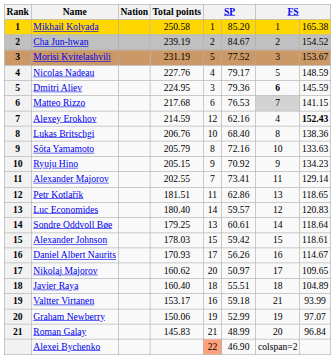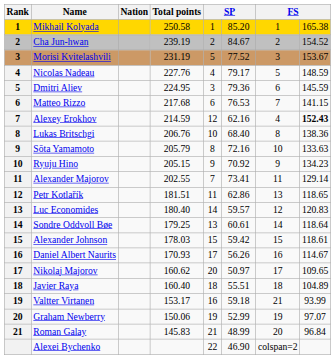 <table class="wikitable sortable">
 <tr>
 <th>Rank</th>
 <th>Name</th>
 <th>Nation</th>
 <th>Total points</th>
 <th colspan="2" width="80px"><a href='#'>SP</a></th>
 <th colspan="2" width="80px"><a href='#'>FS</a></th>
 </tr>
 <tr bgcolor="gold">
 <td align="center"><strong>1</strong></td>
 <td><a href='#'>Mikhail Kolyada</a></td>
 <td></td>
 <td align="center">250.58</td>
 <td align="center">1</td>
 <td align="center">85.20</td>
 <td align="center">1</td>
 <td align="center">165.38</td>
 </tr>
 <tr bgcolor="silver">
 <td align="center"><strong>2</strong></td>
 <td><a href='#'>Cha Jun-hwan</a></td>
 <td></td>
 <td align="center">239.19</td>
 <td align="center">2</td>
 <td align="center">84.67</td>
 <td align="center">2</td>
 <td align="center">154.52</td>
 </tr>
 <tr bgcolor="cc9966">
 <td align="center"><strong>3</strong></td>
 <td><a href='#'>Morisi Kvitelashvili</a></td>
 <td></td>
 <td align="center">231.19</td>
 <td align="center">5</td>
 <td align="center">77.52</td>
 <td align="center">3</td>
 <td align="center">153.67</td>
 </tr>
 <tr>
 <th>4</th>
 <td><a href='#'>Nicolas Nadeau</a></td>
 <td></td>
 <td align="center">227.76</td>
 <td align="center">4</td>
 <td align="center">79.17</td>
 <td align="center">5</td>
 <td align="center">148.59</td>
 </tr>
 <tr>
 <th>5</th>
 <td><a href='#'>Dmitri Aliev</a></td>
 <td></td>
 <td align="center">224.95</td>
 <td align="center">3</td>
 <td align="center">79.36</td>
-<td align="center"><strong>6</strong></td>
+<td align="center">6</td>
 <td align="center">145.59</td>
 </tr>
 <tr>
 <th>6</th>
 <td><a href='#'>Matteo Rizzo</a></td>
 <td></td>
 <td align="center">217.68</td>
 <td align="center">6</td>
 <td align="center">76.53</td>
-<td align="center" style="background: lightgrey;">7</td>
+<td align="center">7</td>
 <td align="center">141.15</td>
 </tr>
 <tr>
 <th>7</th>
 <td><a href='#'>Alexey Erokhov</a></td>
 <td></td>
 <td align="center">214.59</td>
 <td align="center">12</td>
 <td align="center">62.16</td>
 <td align="center">4</td>
 <td align="center"><strong>152.43</strong></td>
 </tr>
 <tr>
 <th>8</th>
 <td><a href='#'>Lukas Britschgi</a></td>
 <td></td>
 <td align="center">206.76</td>
 <td align="center">10</td>
 <td align="center">68.40</td>
 <td align="center">8</td>
 <td align="center">138.36</td>
 </tr>
 <tr>
 <th>9</th>
 <td><a href='#'>Sōta Yamamoto</a></td>
 <td></td>
 <td align="center">205.79</td>
 <td align="center">8</td>
 <td align="center">72.16</td>
 <td align="center">10</td>
 <td align="center">133.63</td>
 </tr>
 <tr>
 <th>10</th>
 <td><a href='#'>Ryuju Hino</a></td>
 <td></td>
 <td align="center">205.15</td>
 <td align="center">9</td>
 <td align="center">70.92</td>
 <td align="center">9</td>
 <td align="center">134.23</td>
 </tr>
 <tr>
 <th>11</th>
 <td><a href='#'>Alexander Majorov</a></td>
 <td></td>
 <td align="center">202.55</td>
 <td align="center">7</td>
 <td align="center">73.41</td>
 <td align="center">11</td>
 <td align="center">129.14</td>
 </tr>
 <tr>
 <th>12</th>
 <td><a href='#'>Petr Kotlařík</a></td>
 <td></td>
 <td align="center">181.51</td>
 <td align="center">11</td>
 <td align="center">62.86</td>
 <td align="center">13</td>
 <td align="center">118.65</td>
 </tr>
 <tr>
 <th>13</th>
 <td><a href='#'>Luc Economides</a></td>
 <td></td>
 <td align="center">180.40</td>
 <td align="center">14</td>
 <td align="center">59.57</td>
 <td align="center">12</td>
 <td align="center">120.83</td>
 </tr>
 <tr>
 <th>14</th>
 <td><a href='#'>Sondre Oddvoll Bøe</a></td>
 <td></td>
 <td align="center">179.25</td>
 <td align="center">13</td>
 <td align="center">60.61</td>
 <td align="center">14</td>
 <td align="center">118.64</td>
 </tr>
 <tr>
 <th>15</th>
 <td><a href='#'>Alexander Johnson</a></td>
 <td></td>
 <td align="center">178.03</td>
 <td align="center">15</td>
 <td align="center">59.42</td>
 <td align="center">15</td>
 <td align="center">118.61</td>
 </tr>
 <tr>
 <th>16</th>
 <td><a href='#'>Daniel Albert Naurits</a></td>
 <td></td>
 <td align="center">170.93</td>
 <td align="center">17</td>
 <td align="center">56.26</td>
 <td align="center">16</td>
 <td align="center">114.67</td>
 </tr>
 <tr>
 <th>17</th>
 <td><a href='#'>Nikolaj Majorov</a></td>
 <td></td>
 <td align="center">160.62</td>
 <td align="center">20</td>
 <td align="center">50.97</td>
 <td align="center">17</td>
 <td align="center">109.65</td>
 </tr>
 <tr>
 <th>18</th>
 <td><a href='#'>Javier Raya</a></td>
 <td></td>
 <td align="center">160.40</td>
 <td align="center">18</td>
 <td align="center">55.51</td>
 <td align="center">18</td>
 <td align="center">104.89</td>
 </tr>
 <tr>
 <th>19</th>
 <td><a href='#'>Valtter Virtanen</a></td>
 <td></td>
 <td align="center">153.17</td>
 <td align="center">16</td>
 <td align="center">59.18</td>
 <td align="center">21</td>
 <td align="center">93.99</td>
 </tr>
 <tr>
 <th>20</th>
 <td><a href='#'>Graham Newberry</a></td>
 <td></td>
 <td align="center">150.06</td>
 <td align="center">19</td>
 <td align="center">52.99</td>
 <td align="center">19</td>
 <td align="center">97.07</td>
 </tr>
 <tr>
 <th>21</th>
 <td><a href='#'>Roman Galay</a></td>
 <td></td>
 <td align="center">145.83</td>
 <td align="center">21</td>
 <td align="center">48.99</td>
 <td align="center">20</td>
 <td align="center">96.84</td>
 </tr>
 <tr>
 <th></th>
 <td><a href='#'>Alexei Bychenko</a></td>
 <td></td>
 <td></td>
-<td align="center" style="background: lightsalmon;">22</td>
+<td align="center">22</td>
 <td align="center">46.90</td>
 <td>colspan=2 </td>
 </tr>
 </table>
